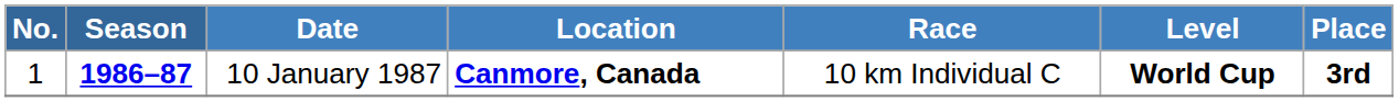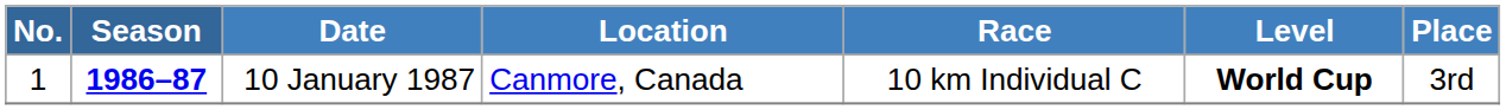 <table class="wikitable sortable" style="font-size:95%; text-align:center; border:grey solid 1px; border-collapse:collapse; background:#ffffff;">
 <tr style="background:#efefef;">
 <th style="background-color:#369; color:white;">No.</th>
 <th style="background-color:#369; color:white;">Season</th>
 <th style="background-color:#4180be; color:white; width:120px;">Date</th>
 <th style="background-color:#4180be; color:white; width:170px;">Location</th>
 <th style="background-color:#4180be; color:white; width:160px;">Race</th>
 <th style="background-color:#4180be; color:white; width:100px;">Level</th>
 <th style="background-color:#4180be; color:white;">Place</th>
 </tr>
 <tr>
 <td align=center>1</td>
 <td rowspan=1 align=center><strong> <a href='#'>1986–87</a> </strong></td>
 <td align=right>10 January 1987</td>
-<td align=left><strong> <a href='#'>Canmore</a>, Canada</strong></td>
+<td align=left> <a href='#'>Canmore</a>, Canada</td>
 <td>10 km Individual C</td>
 <td><strong>World Cup</strong></td>
-<td><strong>3rd</strong></td>
+<td>3rd</td>
 </tr>
 <tr>
 </tr>
 </table>
